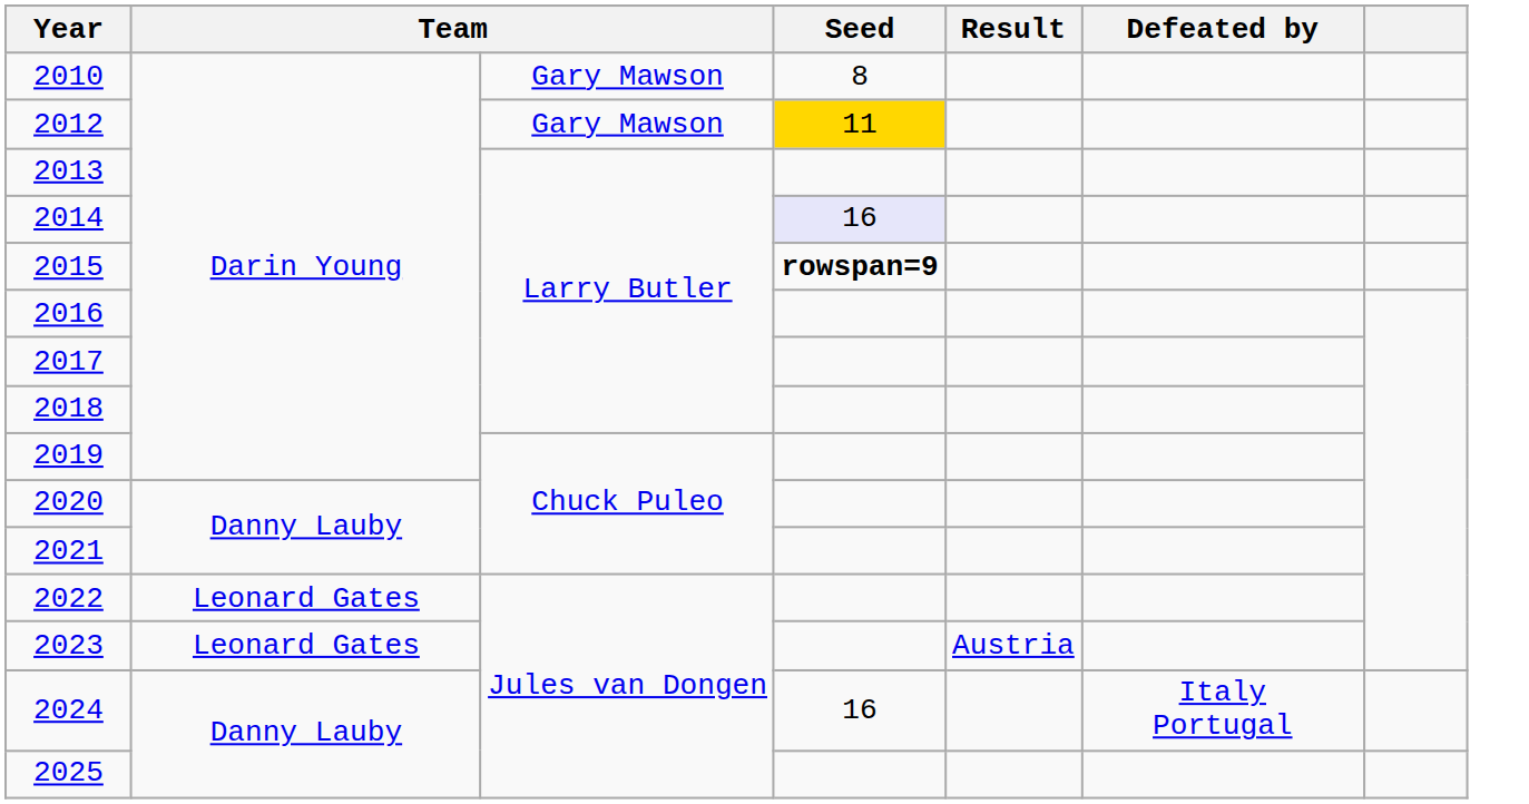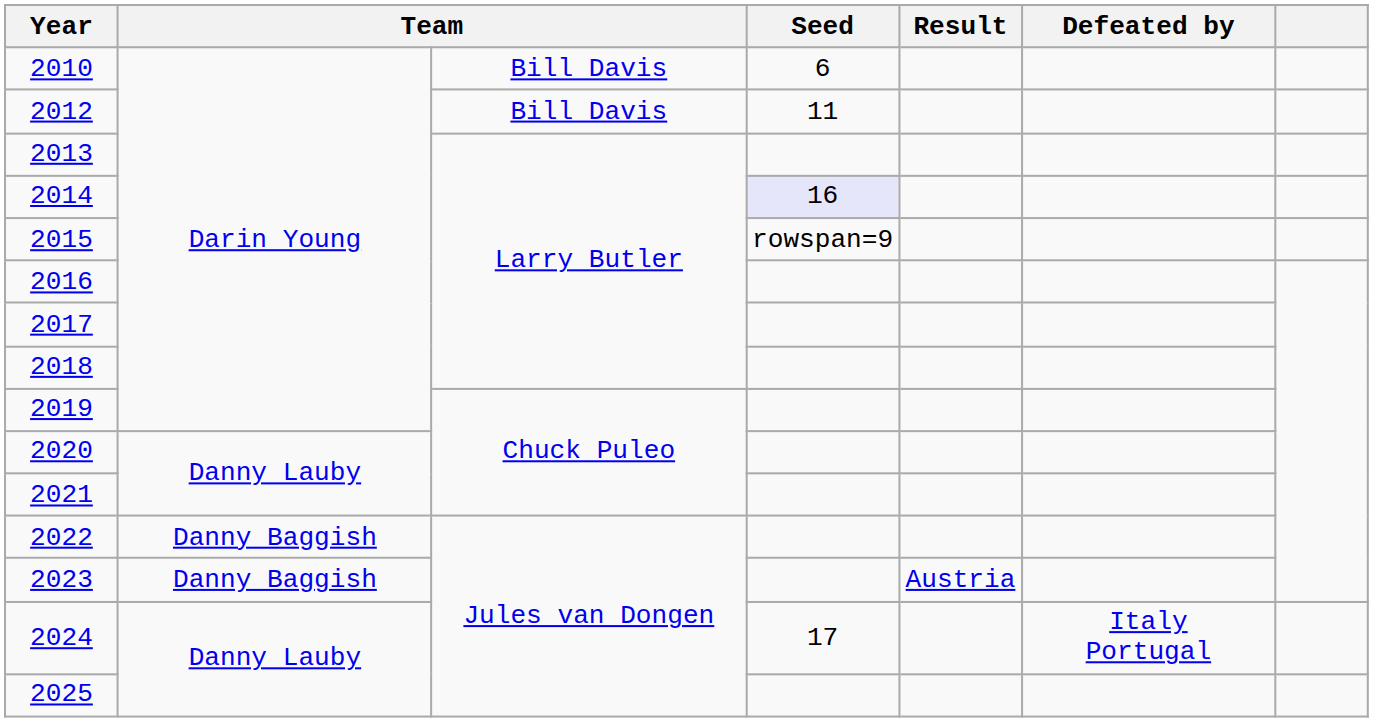 <table class="wikitable" style="text-align: center;">
 <tr style= "background: #e2e2e2;">
 </tr>
 <tr style="background: #efefef;">
 <th width=50px>Year</th>
 <th colspan="2">Team</th>
 <th width=50px>Seed</th>
 <th width=50px>Result</th>
 <th width=120px>Defeated by</th>
 <th width=40px></th>
 </tr>
 <tr>
 <td><a href='#'>2010</a></td>
 <td rowspan=9 width=150px><a href='#'>Darin Young</a></td>
-<td><a href='#'>Gary Mawson</a></td>
-<td>8</td>
+<td width=150px><a href='#'>Bill Davis</a></td>
+<td>6</td>
 <td></td>
 <td> <br></td>
 <td></td>
 </tr>
 <tr>
 <td><a href='#'>2012</a></td>
-<td><a href='#'>Gary Mawson</a></td>
-<td style="background: gold;">11</td>
+<td width=150px><a href='#'>Bill Davis</a></td>
+<td>11</td>
 <td></td>
 <td> </td>
 <td></td>
 </tr>
 <tr>
 <td><a href='#'>2013</a></td>
 <td rowspan=6><a href='#'>Larry Butler</a></td>
 <td></td>
 <td></td>
 <td> <br> </td>
 <td></td>
 </tr>
 <tr>
 <td><a href='#'>2014</a></td>
 <td style="background: lavender;">16</td>
 <td></td>
 <td> </td>
 <td></td>
 </tr>
 <tr>
 <td><a href='#'>2015</a></td>
-<td><strong>rowspan=9 </strong></td>
+<td>rowspan=9 </td>
 <td></td>
 <td> </td>
 <td></td>
 </tr>
 <tr>
 <td><a href='#'>2016</a></td>
 <td></td>
 <td> </td>
 <td></td>
 </tr>
 <tr>
 <td><a href='#'>2017</a></td>
 <td></td>
 <td> </td>
 <td></td>
 </tr>
 <tr>
 <td><a href='#'>2018</a></td>
 <td></td>
 <td> </td>
 <td></td>
 </tr>
 <tr>
 <td><a href='#'>2019</a></td>
 <td rowspan=3><a href='#'>Chuck Puleo</a></td>
 <td></td>
 <td> </td>
 <td></td>
 </tr>
 <tr>
 <td><a href='#'>2020</a></td>
 <td rowspan=2><a href='#'>Danny Lauby</a></td>
 <td></td>
 <td> </td>
 <td></td>
 </tr>
 <tr>
 <td><a href='#'>2021</a></td>
 <td></td>
 <td> </td>
 <td></td>
 </tr>
 <tr>
 <td><a href='#'>2022</a></td>
-<td><a href='#'>Leonard Gates</a></td>
+<td><a href='#'>Danny Baggish</a></td>
 <td rowspan=4><a href='#'>Jules van Dongen</a></td>
 <td></td>
 <td> </td>
 <td></td>
 </tr>
 <tr>
 <td><a href='#'>2023</a></td>
-<td><a href='#'>Leonard Gates</a></td>
+<td><a href='#'>Danny Baggish</a></td>
 <td></td>
 <td> <a href='#'>Austria</a></td>
 <td></td>
 </tr>
 <tr>
 <td><a href='#'>2024</a></td>
 <td rowspan=2><a href='#'>Danny Lauby</a></td>
-<td>16</td>
+<td>17</td>
 <td></td>
 <td> <a href='#'>Italy</a><br> <a href='#'>Portugal</a></td>
 <td></td>
 </tr>
 <tr>
 <td><a href='#'>2025</a></td>
 <td></td>
 <td></td>
 <td></td>
 <td></td>
 </tr>
 </table>
